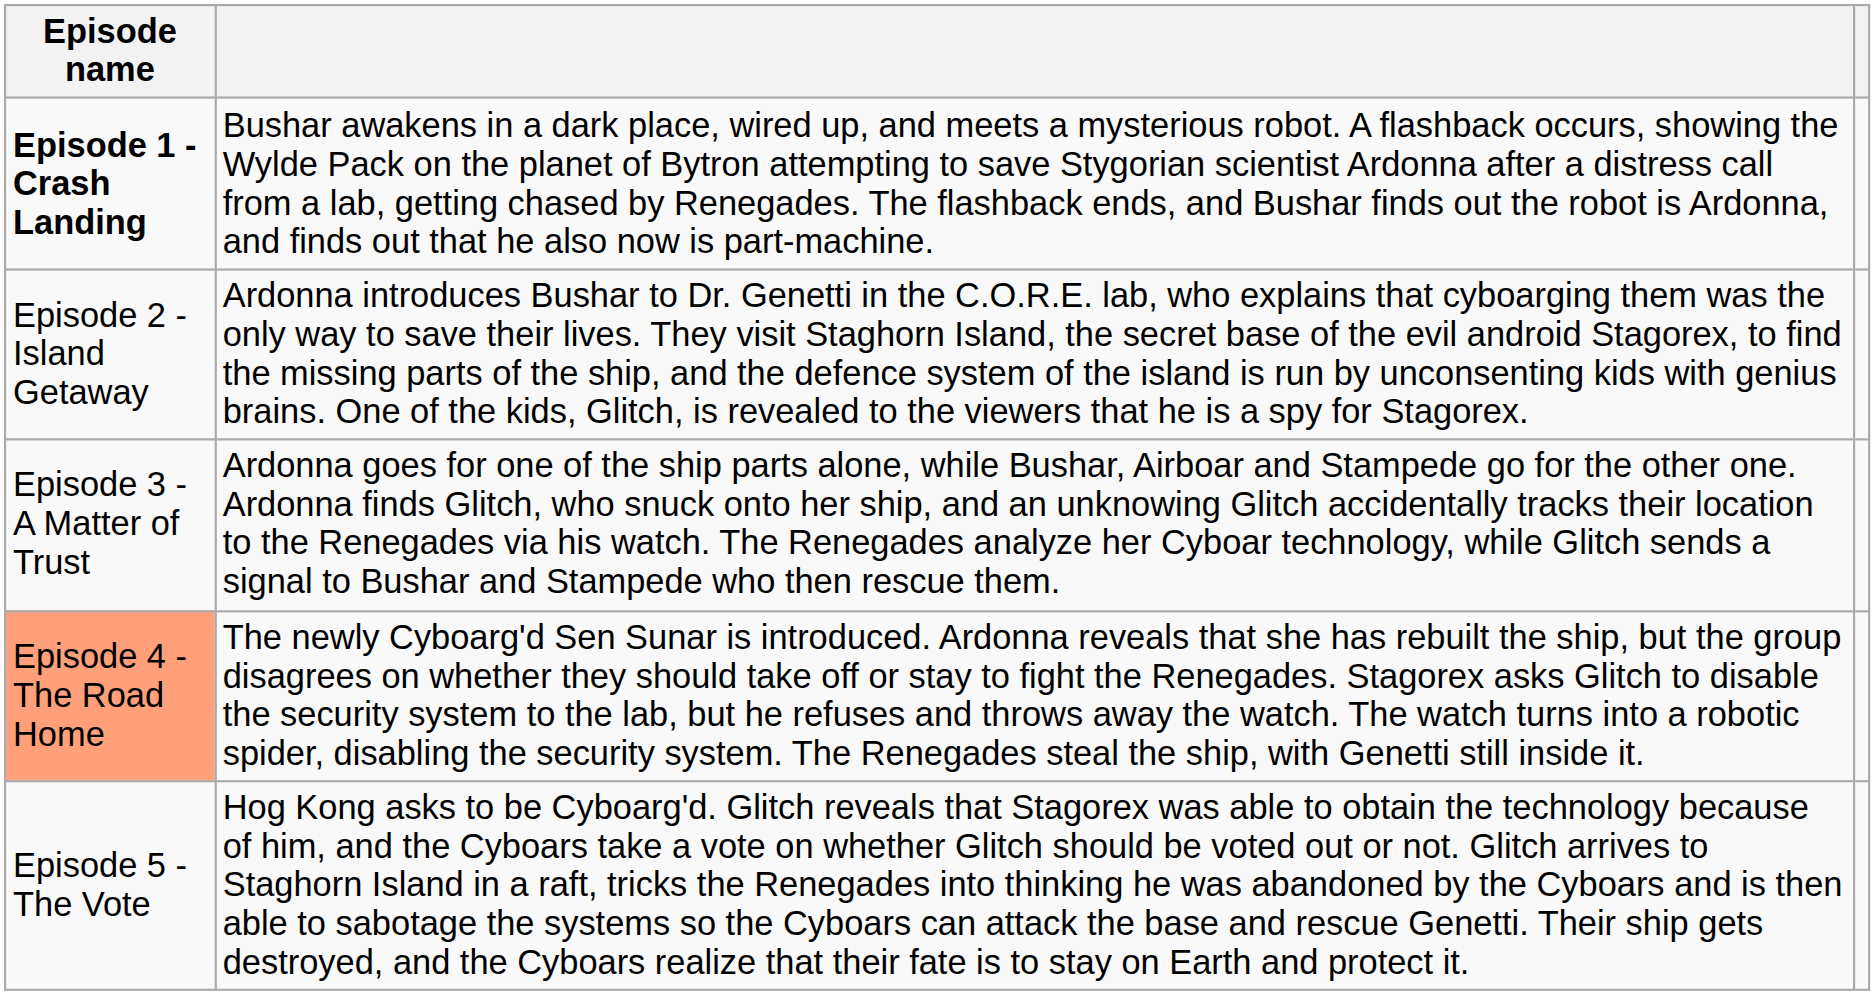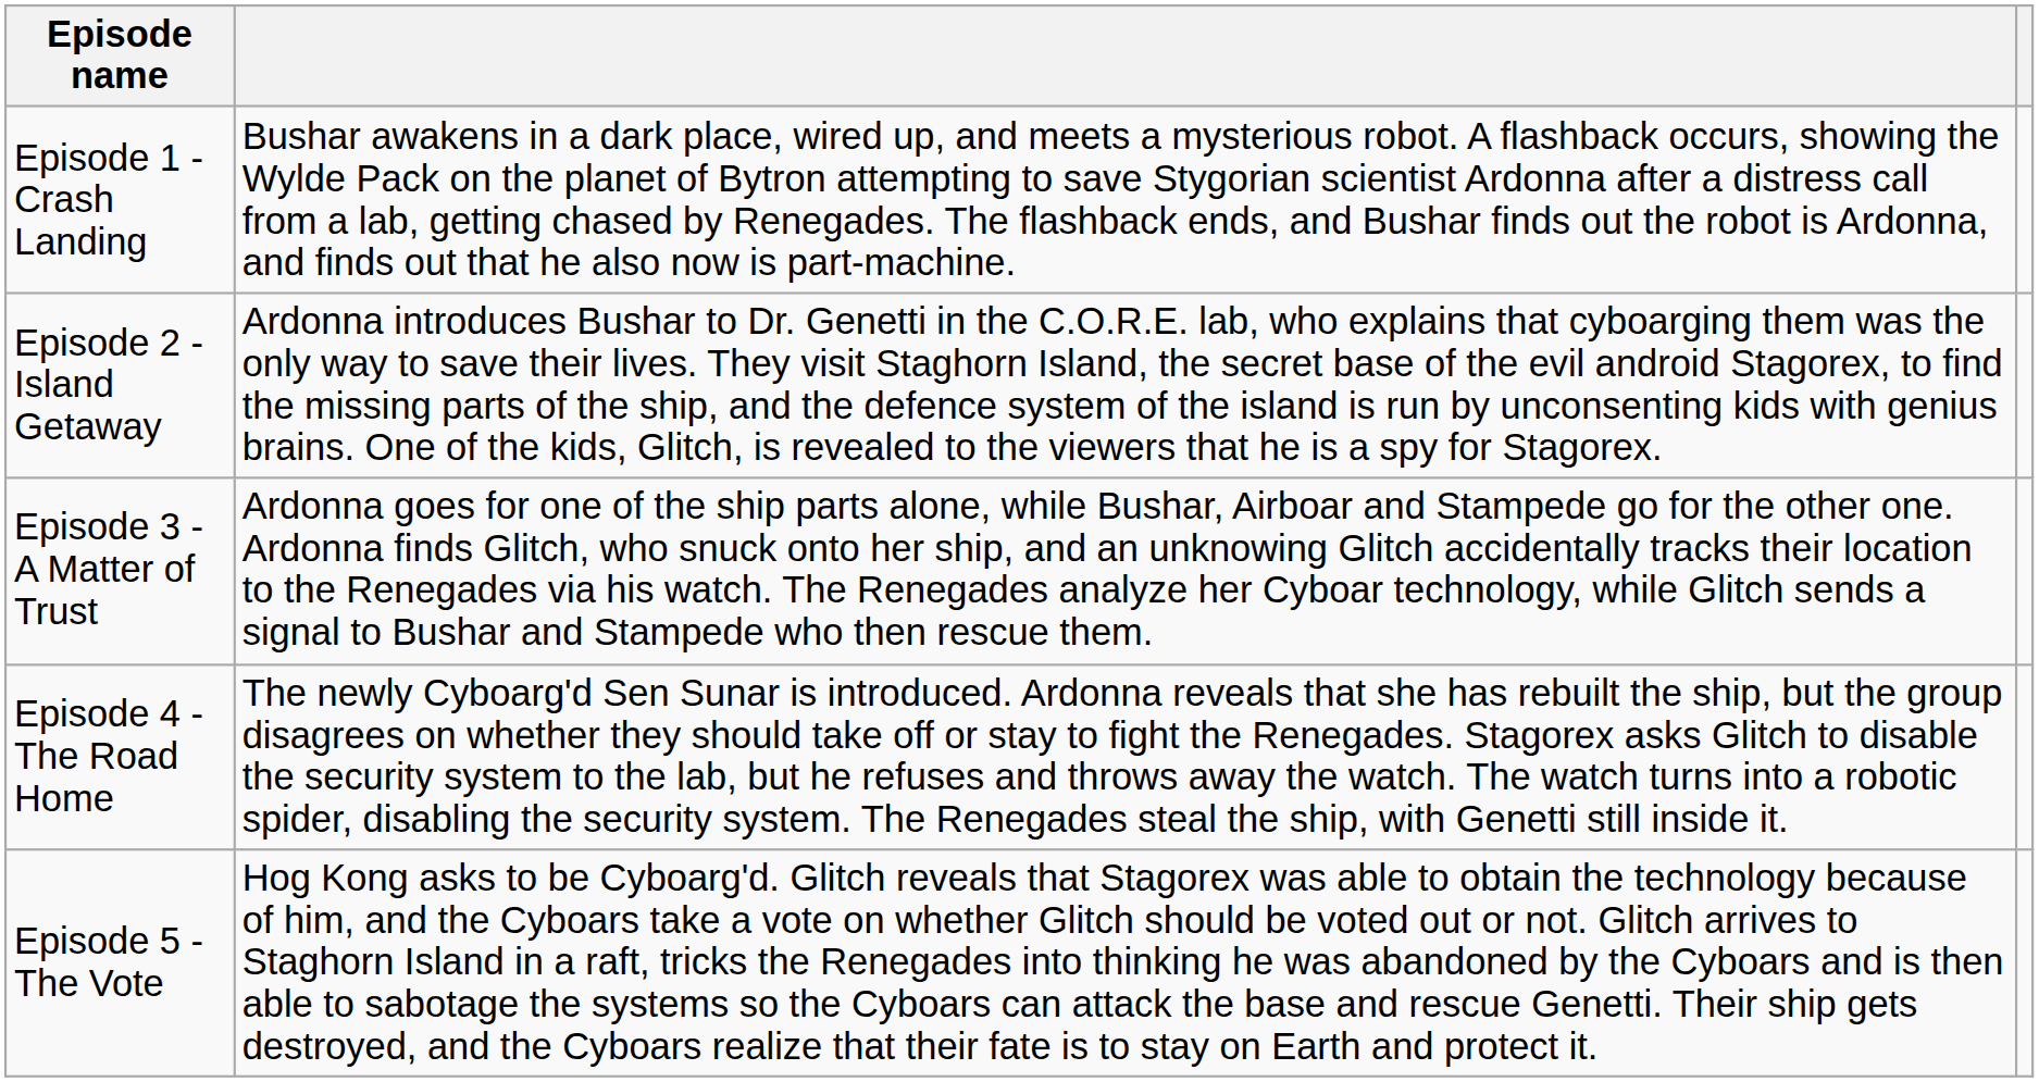 <table class="wikitable">
 <tr>
 <th>Episode name</th>
 <th></th>
 <th></th>
 </tr>
 <tr>
-<td><strong>Episode 1 - Crash Landing</strong></td>
+<td>Episode 1 - Crash Landing</td>
 <td>Bushar awakens in a dark place, wired up, and meets a mysterious robot. A flashback occurs, showing the Wylde Pack on the planet of Bytron attempting to save Stygorian scientist Ardonna after a distress call from a lab, getting chased by Renegades. The flashback ends, and Bushar finds out the robot is Ardonna, and finds out that he also now is part-machine.</td>
 <td></td>
 </tr>
 <tr>
 <td>Episode 2 - Island Getaway</td>
 <td>Ardonna introduces Bushar to Dr. Genetti in the C.O.R.E. lab, who explains that cyboarging them was the only way to save their lives. They visit Staghorn Island, the secret base of the evil android Stagorex, to find the missing parts of the ship, and the defence system of the island is run by unconsenting kids with genius brains. One of the kids, Glitch, is revealed to the viewers that he is a spy for Stagorex.</td>
 <td></td>
 </tr>
 <tr>
 <td>Episode 3 - A Matter of Trust</td>
 <td>Ardonna goes for one of the ship parts alone, while Bushar, Airboar and Stampede go for the other one. Ardonna finds Glitch, who snuck onto her ship, and an unknowing Glitch accidentally tracks their location to the Renegades via his watch. The Renegades analyze her Cyboar technology, while Glitch sends a signal to Bushar and Stampede who then rescue them.</td>
 <td></td>
 </tr>
 <tr>
-<td style="background: lightsalmon;">Episode 4 - The Road Home</td>
+<td>Episode 4 - The Road Home</td>
 <td>The newly Cyboarg'd Sen Sunar is introduced. Ardonna reveals that she has rebuilt the ship, but the group disagrees on whether they should take off or stay to fight the Renegades. Stagorex asks Glitch to disable the security system to the lab, but he refuses and throws away the watch. The watch turns into a robotic spider, disabling the security system. The Renegades steal the ship, with Genetti still inside it.</td>
 <td></td>
 </tr>
 <tr>
 <td>Episode 5 - The Vote</td>
 <td>Hog Kong asks to be Cyboarg'd. Glitch reveals that Stagorex was able to obtain the technology because of him, and the Cyboars take a vote on whether Glitch should be voted out or not. Glitch arrives to Staghorn Island in a raft, tricks the Renegades into thinking he was abandoned by the Cyboars and is then able to sabotage the systems so the Cyboars can attack the base and rescue Genetti. Their ship gets destroyed, and the Cyboars realize that their fate is to stay on Earth and protect it.</td>
 <td></td>
 </tr>
 </table>
